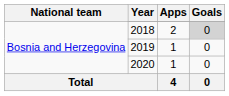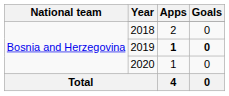 <table class="wikitable" style="text-align:center">
 <tr>
 <th>National team</th>
 <th>Year</th>
 <th>Apps</th>
 <th>Goals</th>
 </tr>
 <tr>
 <td rowspan=4><a href='#'>Bosnia and Herzegovina</a></td>
 </tr>
 <tr>
 <td>2018</td>
 <td>2</td>
-<td style="background: lightgrey;">0</td>
+<td>0</td>
 </tr>
 <tr>
 <td>2019</td>
-<td>1</td>
-<td>0</td>
+<td><strong>1</strong></td>
+<td><strong>0</strong></td>
 </tr>
 <tr>
 <td>2020</td>
 <td>1</td>
 <td>0</td>
 </tr>
 <tr>
 <th colspan=2>Total</th>
 <th>4</th>
 <th>0</th>
 </tr>
 </table>
